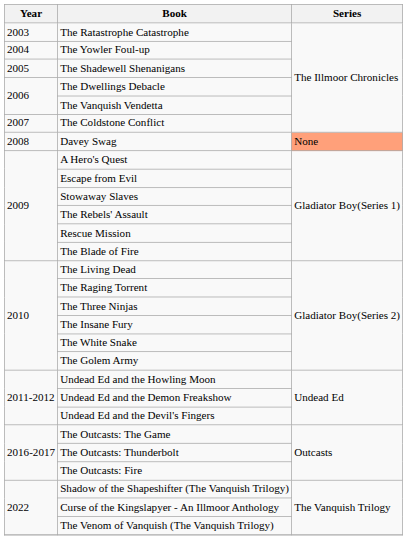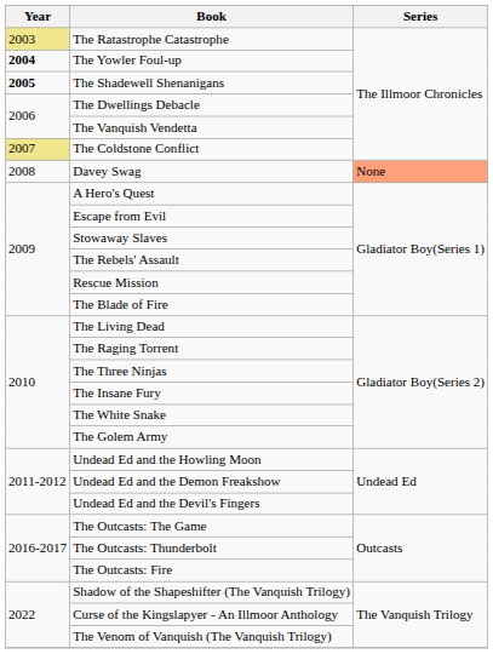 <table class="wikitable" style="font-size: 90%;">
 <tr>
 <th>Year</th>
 <th>Book</th>
 <th>Series</th>
 </tr>
 <tr>
-<td>2003</td>
+<td style="background: khaki;">2003</td>
 <td>The Ratastrophe Catastrophe</td>
 <td rowspan=6>The Illmoor Chronicles</td>
 </tr>
 <tr>
-<td>2004</td>
+<td><strong>2004</strong></td>
 <td>The Yowler Foul-up</td>
 </tr>
 <tr>
-<td>2005</td>
+<td><strong>2005</strong></td>
 <td>The Shadewell Shenanigans</td>
 </tr>
 <tr>
 <td rowspan=2>2006</td>
 <td>The Dwellings Debacle</td>
 </tr>
 <tr>
 <td>The Vanquish Vendetta</td>
 </tr>
 <tr>
-<td>2007</td>
+<td style="background: khaki;">2007</td>
 <td>The Coldstone Conflict</td>
 </tr>
 <tr>
 <td>2008</td>
 <td>Davey Swag</td>
 <td style="background: lightsalmon;">None</td>
 </tr>
 <tr>
 <td rowspan=6>2009</td>
 <td>A Hero's Quest</td>
 <td rowspan=6>Gladiator Boy(Series 1)</td>
 </tr>
 <tr>
 <td>Escape from Evil</td>
 </tr>
 <tr>
 <td>Stowaway Slaves</td>
 </tr>
 <tr>
 <td>The Rebels' Assault</td>
 </tr>
 <tr>
 <td>Rescue Mission</td>
 </tr>
 <tr>
 <td>The Blade of Fire</td>
 </tr>
 <tr>
 <td rowspan=6>2010</td>
 <td>The Living Dead</td>
 <td rowspan=6>Gladiator Boy(Series 2)</td>
 </tr>
 <tr>
 <td>The Raging Torrent</td>
 </tr>
 <tr>
 <td>The Three Ninjas</td>
 </tr>
 <tr>
 <td>The Insane Fury</td>
 </tr>
 <tr>
 <td>The White Snake</td>
 </tr>
 <tr>
 <td>The Golem Army</td>
 </tr>
 <tr>
 <td rowspan=3>2011-2012</td>
 <td>Undead Ed and the Howling Moon</td>
 <td rowspan=3>Undead Ed</td>
 </tr>
 <tr>
 <td>Undead Ed and the Demon Freakshow</td>
 </tr>
 <tr>
 <td>Undead Ed and the Devil's Fingers</td>
 </tr>
 <tr>
 <td rowspan=3>2016-2017</td>
 <td>The Outcasts: The Game</td>
 <td rowspan=3>Outcasts</td>
 </tr>
 <tr>
 <td>The Outcasts: Thunderbolt</td>
 </tr>
 <tr>
 <td>The Outcasts: Fire</td>
 </tr>
 <tr>
 <td rowspan=3>2022</td>
 <td>Shadow of the Shapeshifter (The Vanquish Trilogy)</td>
 <td rowspan=3>The Vanquish Trilogy</td>
 </tr>
 <tr>
 <td>Curse of the Kingslapyer - An Illmoor Anthology</td>
 </tr>
 <tr>
 <td>The Venom of Vanquish (The Vanquish Trilogy)</td>
 </tr>
 <tr>
 </tr>
 </table>
